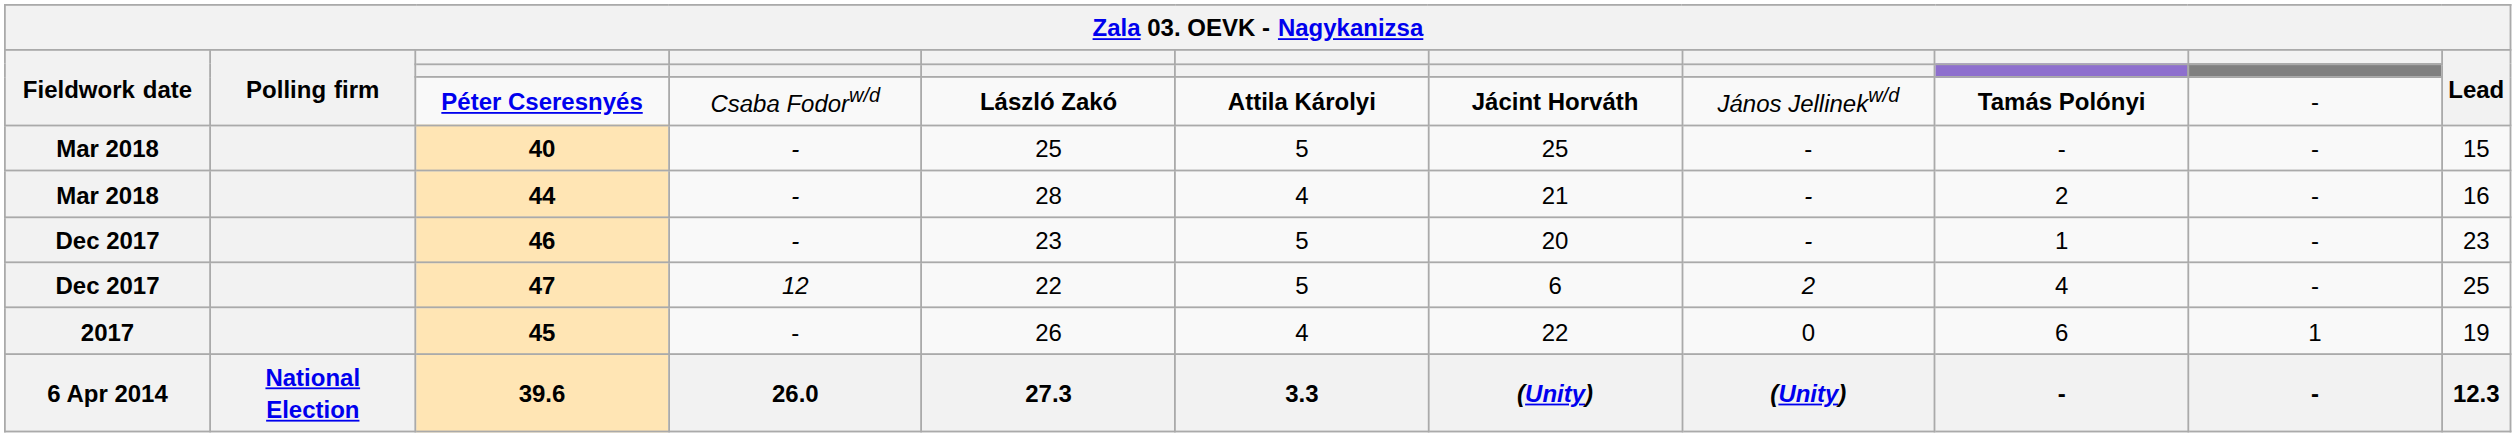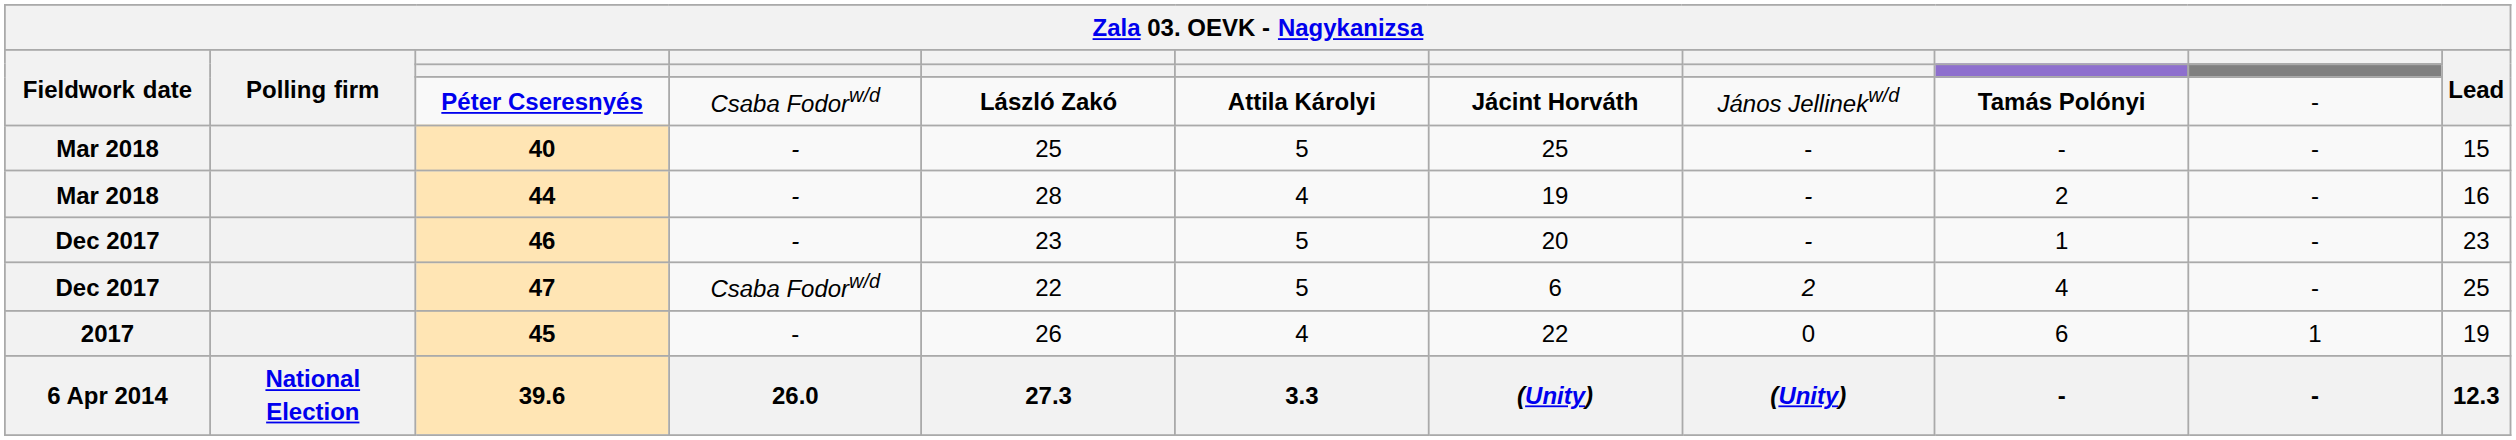 <table class="wikitable mw-collapsible mw-collapsed" style="text-align:center">
 <tr>
 <th colspan="11" style="width: 980pt;"><small><a href='#'>Zala</a> 03. OEVK -</small> <a href='#'><small>Nagykanizsa</small></a></th>
 </tr>
 <tr>
 <th rowspan="3" style="width: 80pt;"><small>Fieldwork</small> <small>date</small></th>
 <th rowspan="3" style="width: 80pt;"><strong><small>Polling</small> <small>firm</small></strong></th>
 <th style="width: 100pt;"><small></small></th>
 <th style="width: 100pt;"><small> </small></th>
 <th style="width: 100pt;"></th>
 <th style="width: 100pt;"></th>
 <th style="width: 100pt;"></th>
 <th style="width: 100pt;"></th>
 <th style="width: 100pt;"></th>
 <th style="width: 100pt;"></th>
 <th rowspan="3" style="width: 20pt;"><small>Lead</small></th>
 </tr>
 <tr>
 <th style="color:inherit;background:"></th>
 <th style="color:inherit;background:"></th>
 <th style="color:inherit;background:"></th>
 <th style="color:inherit;background:"></th>
 <th style="color:inherit;background:"></th>
 <th style="color:inherit;background:"></th>
 <th style="color:inherit;background:#8E6FCE;"></th>
 <th style="color:inherit;background:#808080;"></th>
 </tr>
 <tr>
 <td><a href='#'><small><strong>Péter Cseresnyés</strong></small></a></td>
 <td><em><small>Csaba Fodor<sup>w/d</sup></small></em></td>
 <td><small><strong>László Zakó</strong></small></td>
 <td><small><strong>Attila Károlyi</strong></small></td>
 <td><small><strong>Jácint Horváth</strong></small></td>
 <td><em><small>János Jellinek<sup>w/d</sup></small></em></td>
 <td><small><strong>Tamás Polónyi</strong></small></td>
 <td><small>-</small></td>
 </tr>
 <tr>
 <th><small>Mar 2018</small></th>
 <th><small></small></th>
 <td style="background:#FFE5B4"><small><strong>40</strong></small></td>
 <td><small><em>-</em></small></td>
 <td><small>25</small></td>
 <td><small>5</small></td>
 <td><small>25</small></td>
 <td><small>-</small></td>
 <td><small>-</small></td>
 <td><small>-</small></td>
 <td style="background:"><small>15</small></td>
 </tr>
 <tr>
 <th><small>Mar 2018</small></th>
 <th></th>
 <td style="background:#FFE5B4"><strong><small>44</small></strong></td>
 <td><small><em>-</em></small></td>
 <td><small>28</small></td>
 <td><small>4</small></td>
-<td><small>21</small></td>
+<td><small>19</small></td>
 <td><small><em>-</em></small></td>
 <td><small>2</small></td>
 <td><small>-</small></td>
 <td style="background:"><small>16</small></td>
 </tr>
 <tr>
 <th><small>Dec 2017</small></th>
 <th></th>
 <td style="background:#FFE5B4"><small><strong>46</strong></small></td>
 <td><small><em>-</em></small></td>
 <td><small>23</small></td>
 <td><small>5</small></td>
 <td><small>20</small></td>
 <td><small><em>-</em></small></td>
 <td><small>1</small></td>
 <td><small>-</small></td>
 <td style="background:"><small>23</small></td>
 </tr>
 <tr>
 <th><small>Dec 2017</small></th>
 <th></th>
 <td style="background:#FFE5B4"><small><strong>47</strong></small></td>
-<td><small><em>12</em></small></td>
+<td><em><small>Csaba Fodor<sup>w/d</sup></small></em></td>
 <td><small>22</small></td>
 <td><small>5</small></td>
 <td><small>6</small></td>
 <td><small><em>2</em></small></td>
 <td><small>4</small></td>
 <td><small>-</small></td>
 <td style="background:"><small>25</small></td>
 </tr>
 <tr>
 <th><small>2017</small></th>
 <th><small></small></th>
 <td style="background:#FFE5B4"><small><strong>45</strong></small></td>
 <td><small>-</small></td>
 <td><small>26</small></td>
 <td><small>4</small></td>
 <td><small>22</small></td>
 <td><small>0</small></td>
 <td><small>6</small></td>
 <td><small>1</small></td>
 <td style="background:"><small>19</small></td>
 </tr>
 <tr>
 <th><small>6 Apr 2014</small></th>
 <th><a href='#'><small>National Election</small></a></th>
 <th style="background:#FFE5B4"><small><strong>39.6</strong></small></th>
 <th><small>26.0</small></th>
 <th><small>27.3</small></th>
 <th><small>3.3</small></th>
 <th><small><em>(<a href='#'>Unity</a>)</em></small></th>
 <th><small><em>(<a href='#'>Unity</a>)</em></small></th>
 <th><small>-</small></th>
 <th><small>-</small></th>
 <th style="background:"><small>12.3</small></th>
 </tr>
 </table>
